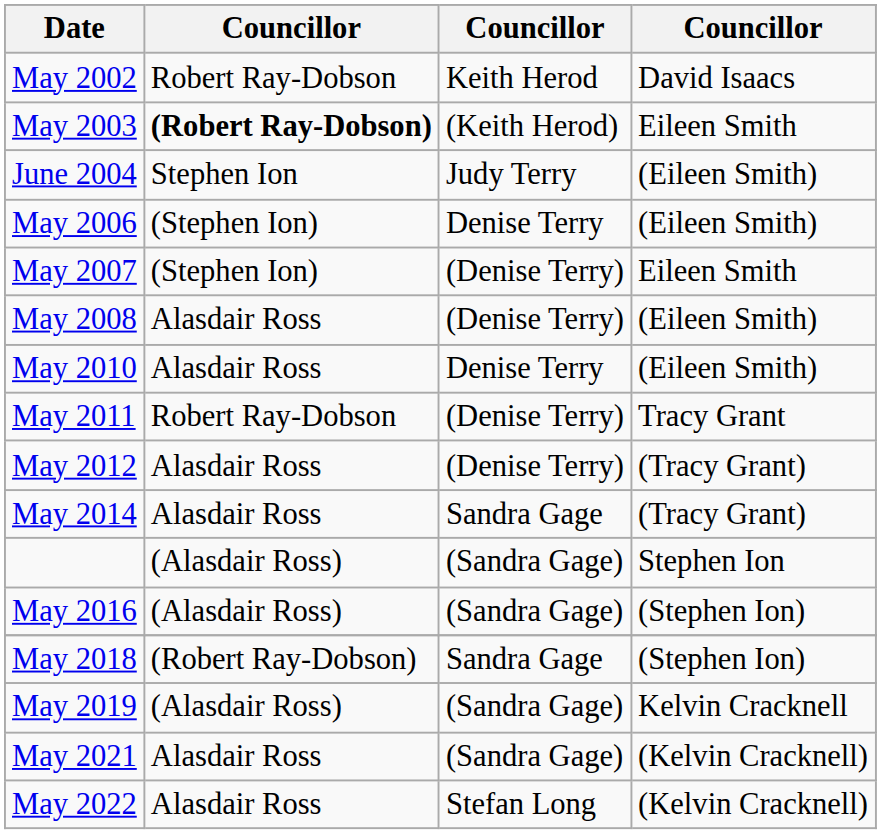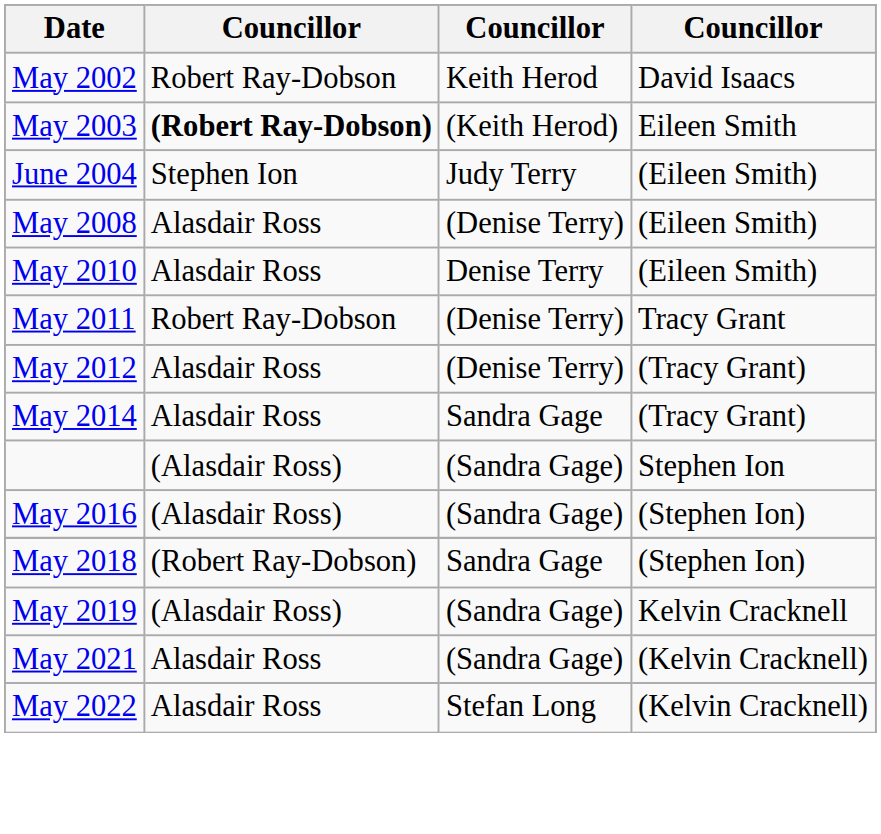 <table class="wikitable">
 <tr>
 <th>Date</th>
 <th>Councillor</th>
 <th>Councillor</th>
 <th>Councillor</th>
 </tr>
 <tr>
 <td><a href='#'>May 2002</a></td>
 <td ! style="background-color:">Robert Ray-Dobson</td>
 <td ! style="background-color:">Keith Herod</td>
 <td ! style="background-color:">David Isaacs</td>
 </tr>
 <tr>
 <td><a href='#'>May 2003</a></td>
 <td ! style="background-color:"><strong>(Robert Ray-Dobson)</strong></td>
 <td ! style="background-color:">(Keith Herod)</td>
 <td ! style="background-color:">Eileen Smith</td>
 </tr>
 <tr>
 <td><a href='#'>June 2004</a></td>
 <td ! style="background-color:">Stephen Ion</td>
 <td ! style="background-color:">Judy Terry</td>
 <td ! style="background-color:">(Eileen Smith)</td>
-</tr>
-<tr>
-<td><a href='#'>May 2006</a></td>
-<td ! style="background-color:">(Stephen Ion)</td>
-<td ! style="background-color:">Denise Terry</td>
-<td ! style="background-color:">(Eileen Smith)</td>
-</tr>
-<tr>
-<td><a href='#'>May 2007</a></td>
-<td ! style="background-color:">(Stephen Ion)</td>
-<td ! style="background-color:">(Denise Terry)</td>
-<td ! style="background-color:">Eileen Smith</td>
 </tr>
 <tr>
 <td><a href='#'>May 2008</a></td>
 <td ! style="background-color:">Alasdair Ross</td>
 <td ! style="background-color:">(Denise Terry)</td>
 <td ! style="background-color:">(Eileen Smith)</td>
 </tr>
 <tr>
 <td><a href='#'>May 2010</a></td>
 <td ! style="background-color:">Alasdair Ross</td>
 <td ! style="background-color:">Denise Terry</td>
 <td ! style="background-color:">(Eileen Smith)</td>
 </tr>
 <tr>
 <td><a href='#'>May 2011</a></td>
 <td ! style="background-color:">Robert Ray-Dobson</td>
 <td ! style="background-color:">(Denise Terry)</td>
 <td ! style="background-color:">Tracy Grant</td>
 </tr>
 <tr>
 <td><a href='#'>May 2012</a></td>
 <td ! style="background-color:">Alasdair Ross</td>
 <td ! style="background-color:">(Denise Terry)</td>
 <td ! style="background-color:">(Tracy Grant)</td>
 </tr>
 <tr>
 <td><a href='#'>May 2014</a></td>
 <td ! style="background-color:">Alasdair Ross</td>
 <td ! style="background-color:">Sandra Gage</td>
 <td ! style="background-color:">(Tracy Grant)</td>
 </tr>
 <tr>
 <td></td>
 <td ! style="background-color:">(Alasdair Ross)</td>
 <td ! style="background-color:">(Sandra Gage)</td>
 <td ! style="background-color:">Stephen Ion</td>
 </tr>
 <tr>
 <td><a href='#'>May 2016</a></td>
 <td ! style="background-color:">(Alasdair Ross)</td>
 <td ! style="background-color:">(Sandra Gage)</td>
 <td ! style="background-color:">(Stephen Ion)</td>
 </tr>
 <tr>
 </tr>
 <tr>
 <td><a href='#'>May 2018</a></td>
 <td ! style="background-color:">(Robert Ray-Dobson)</td>
 <td ! style="background-color:">Sandra Gage</td>
 <td ! style="background-color:">(Stephen Ion)</td>
 </tr>
 <tr>
 <td><a href='#'>May 2019</a></td>
 <td ! style="background-color:">(Alasdair Ross)</td>
 <td ! style="background-color:">(Sandra Gage)</td>
 <td ! style="background-color:">Kelvin Cracknell</td>
 </tr>
 <tr>
 <td><a href='#'>May 2021</a></td>
 <td ! style="background-color:">Alasdair Ross</td>
 <td ! style="background-color:">(Sandra Gage)</td>
 <td ! style="background-color:">(Kelvin Cracknell)</td>
 </tr>
 <tr>
 <td><a href='#'>May 2022</a></td>
 <td ! style="background-color:">Alasdair Ross</td>
 <td ! style="background-color:">Stefan Long</td>
 <td ! style="background-color:">(Kelvin Cracknell)</td>
 </tr>
 </table>
